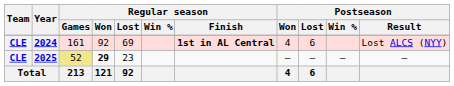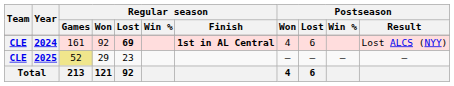 <table class="wikitable" style="font-size: 95%; text-align:center;">
 <tr>
 <th rowspan="2">Team</th>
 <th rowspan="2">Year</th>
 <th colspan="5">Regular season</th>
 <th colspan="5">Postseason</th>
 </tr>
 <tr>
 <th>Games</th>
 <th>Won</th>
 <th>Lost</th>
 <th>Win %</th>
 <th>Finish</th>
 <th>Won</th>
 <th>Lost</th>
 <th>Win %</th>
 <th>Result</th>
 </tr>
 <tr ! style="background:#fdd;">
 </tr>
 <tr style="background:#fdd;" !>
 <th><a href='#'>CLE</a></th>
 <th><a href='#'>2024</a></th>
 <td>161</td>
 <td>92</td>
-<td>69</td>
+<td><strong>69</strong></td>
 <td></td>
 <td><strong>1st in AL Central</strong></td>
 <td>4</td>
 <td>6</td>
 <td></td>
 <td>Lost <a href='#'>ALCS</a> (<a href='#'>NYY</a>)</td>
 </tr>
 <tr>
 <th><a href='#'>CLE</a></th>
 <th><a href='#'>2025</a></th>
 <td style="background: khaki;">52</td>
-<td><strong>29</strong></td>
+<td>29</td>
 <td>23</td>
 <td></td>
 <td></td>
 <td>–</td>
 <td>–</td>
 <td>–</td>
 <td>–</td>
 </tr>
 <tr>
 <th colspan="2">Total</th>
 <th>213</th>
 <th>121</th>
 <th>92</th>
 <th></th>
 <th></th>
 <th>4</th>
 <th>6</th>
 <th></th>
 <th></th>
 </tr>
 </table>
